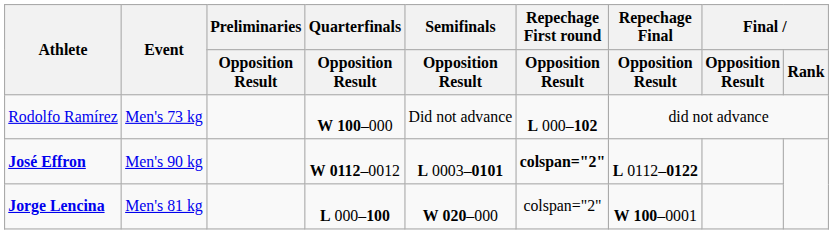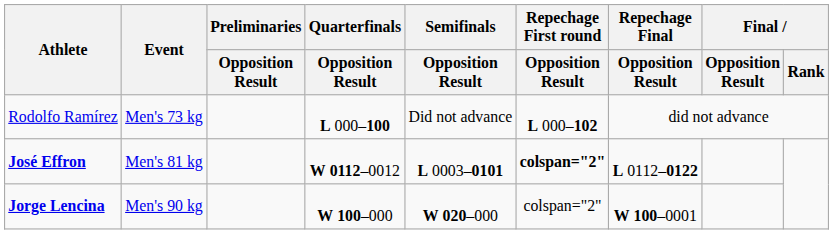 <table class="wikitable" style="font-size:90%">
 <tr>
 <th rowspan="2">Athlete</th>
 <th rowspan="2">Event</th>
 <th>Preliminaries</th>
 <th>Quarterfinals</th>
 <th>Semifinals</th>
 <th>Repechage<br>First round</th>
 <th>Repechage<br>Final</th>
 <th colspan="2">Final / </th>
 </tr>
 <tr>
 <th>Opposition<br>Result</th>
 <th>Opposition<br>Result</th>
 <th>Opposition<br>Result</th>
 <th>Opposition<br>Result</th>
 <th>Opposition<br>Result</th>
 <th>Opposition<br>Result</th>
 <th>Rank</th>
 </tr>
 <tr align=center>
 <td align=left><a href='#'>Rodolfo Ramírez</a></td>
 <td align=left><a href='#'>Men's 73 kg</a></td>
 <td></td>
-<td> <br> <strong>W</strong> <strong>100</strong>–000</td>
+<td> <br> <strong>L</strong> 000–<strong>100</strong></td>
 <td>Did not advance</td>
 <td> <br> <strong>L</strong> 000–<strong>102</strong></td>
 <td colspan=3>did not advance</td>
 </tr>
 <tr align=center>
 <td align=left><strong><a href='#'>José Effron</a></strong></td>
-<td align=left><a href='#'>Men's 90 kg</a></td>
+<td align=left><a href='#'>Men's 81 kg</a></td>
 <td></td>
 <td> <br> <strong>W</strong> <strong>0112</strong>–0012</td>
 <td> <br> <strong>L</strong> 0003–<strong>0101</strong></td>
 <td><strong>colspan="2" </strong></td>
 <td> <br> <strong>L</strong> 0112–<strong>0122</strong></td>
 <td></td>
 </tr>
 <tr align=center>
 <td align=left><strong><a href='#'>Jorge Lencina</a></strong></td>
-<td align=left><a href='#'>Men's 81 kg</a></td>
+<td align=left><a href='#'>Men's 90 kg</a></td>
 <td></td>
-<td> <br> <strong>L</strong> 000–<strong>100</strong></td>
+<td> <br> <strong>W</strong> <strong>100</strong>–000</td>
 <td> <br> <strong>W</strong> <strong>020</strong>–000</td>
 <td>colspan="2" </td>
 <td> <br> <strong>W</strong> <strong>100</strong>–0001</td>
 <td></td>
 </tr>
 </table>
